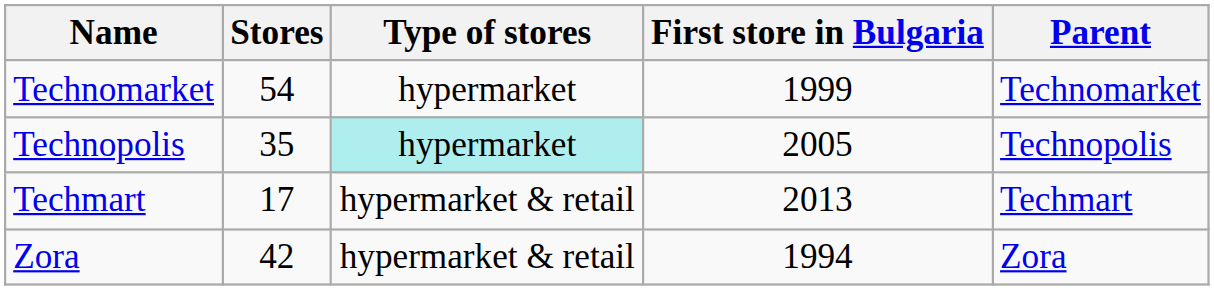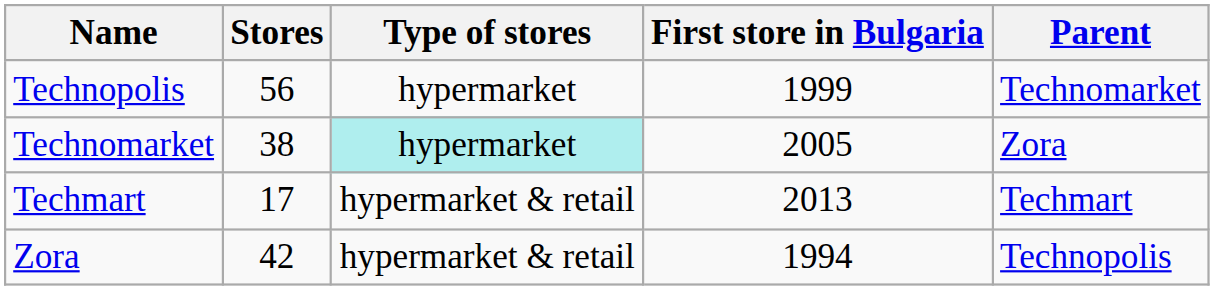 <table class="wikitable sortable">
 <tr>
 <th>Name</th>
 <th>Stores</th>
 <th>Type of stores</th>
 <th>First store in <a href='#'>Bulgaria</a></th>
 <th><a href='#'>Parent</a></th>
 </tr>
 <tr>
-<td><a href='#'>Technomarket</a></td>
-<td align="center"> 54</td>
+<td><a href='#'>Technopolis</a></td>
+<td align="center"> 56</td>
 <td align="center">hypermarket</td>
 <td align="center">1999</td>
 <td><a href='#'>Technomarket</a></td>
 </tr>
 <tr>
-<td><a href='#'>Technopolis</a></td>
-<td align="center"> 35</td>
+<td><a href='#'>Technomarket</a></td>
+<td align="center"> 38</td>
 <td align="center" style="background: paleturquoise;">hypermarket</td>
 <td align="center">2005</td>
-<td><a href='#'>Technopolis</a></td>
+<td><a href='#'>Zora</a></td>
 </tr>
 <tr>
 <td><a href='#'>Techmart</a></td>
 <td align="center"> 17</td>
 <td align="center">hypermarket & retail</td>
 <td align="center">2013</td>
 <td><a href='#'>Techmart</a></td>
 </tr>
 <tr>
 <td><a href='#'>Zora</a></td>
 <td align="center"> 42</td>
 <td align="center">hypermarket & retail</td>
 <td align="center">1994</td>
-<td><a href='#'>Zora</a></td>
+<td><a href='#'>Technopolis</a></td>
 </tr>
 </table>
